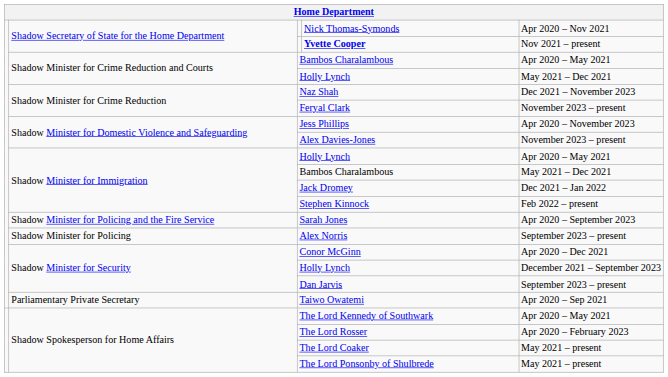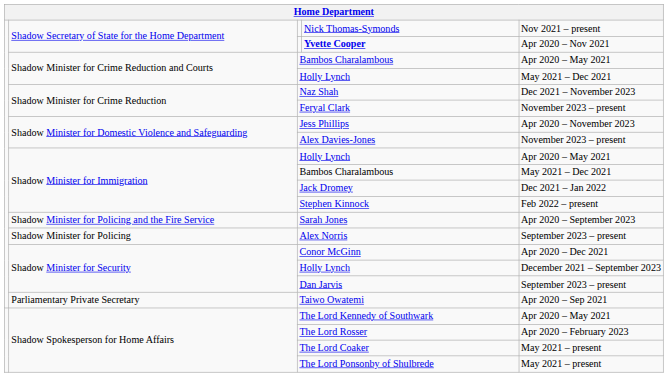 <table class="wikitable">
 <tr>
 <th colspan="5"><a href='#'>Home Department</a></th>
 </tr>
 <tr>
 <td rowspan="18" style="background: "></td>
 <td rowspan="2" style="width: 450px;"><a href='#'>Shadow Secretary of State for the Home Department</a></td>
 <td style="background: "></td>
 <td style="width: 337px;"><a href='#'>Nick Thomas-Symonds</a></td>
-<td>Apr 2020 – Nov 2021</td>
+<td>Nov 2021 – present</td>
 </tr>
 <tr>
 <td style="background: "></td>
 <td><strong><a href='#'>Yvette Cooper</a></strong></td>
-<td>Nov 2021 – present</td>
+<td>Apr 2020 – Nov 2021</td>
 </tr>
 <tr>
 <td rowspan="2">Shadow Minister for Crime Reduction and Courts</td>
 <td colspan="2"><a href='#'>Bambos Charalambous</a></td>
 <td>Apr 2020 – May 2021</td>
 </tr>
 <tr>
 <td colspan="2"><a href='#'>Holly Lynch</a></td>
 <td>May 2021 – Dec 2021</td>
 </tr>
 <tr>
 <td rowspan="2">Shadow Minister for Crime Reduction</td>
 <td colspan="2"><a href='#'>Naz Shah</a></td>
 <td>Dec 2021 – November 2023</td>
 </tr>
 <tr>
 <td colspan="2"><a href='#'>Feryal Clark</a></td>
 <td>November 2023 – present</td>
 </tr>
 <tr>
 <td rowspan="2">Shadow <a href='#'>Minister for Domestic Violence and Safeguarding</a></td>
 <td colspan="2"><a href='#'>Jess Phillips</a></td>
 <td>Apr 2020 – November 2023</td>
 </tr>
 <tr>
 <td colspan="2"><a href='#'>Alex Davies-Jones</a></td>
 <td>November 2023 – present</td>
 </tr>
 <tr>
 <td rowspan="4">Shadow <a href='#'>Minister for Immigration</a></td>
 <td colspan="2"><a href='#'>Holly Lynch</a></td>
 <td>Apr 2020 – May 2021</td>
 </tr>
 <tr>
 <td colspan="2">Bambos Charalambous</td>
 <td>May 2021 – Dec 2021</td>
 </tr>
 <tr>
 <td colspan="2"><a href='#'>Jack Dromey</a></td>
 <td>Dec 2021 – Jan 2022</td>
 </tr>
 <tr>
 <td colspan="2"><a href='#'>Stephen Kinnock</a></td>
 <td>Feb 2022 – present</td>
 </tr>
 <tr>
 <td>Shadow <a href='#'>Minister for Policing and the Fire Service</a></td>
 <td colspan="2"><a href='#'>Sarah Jones</a></td>
 <td>Apr 2020 – September 2023</td>
 </tr>
 <tr>
 <td>Shadow Minister for Policing</td>
 <td colspan="2"><a href='#'>Alex Norris</a></td>
 <td>September 2023 – present</td>
 </tr>
 <tr>
 <td rowspan="3">Shadow <a href='#'>Minister for Security</a></td>
 <td colspan="2"><a href='#'>Conor McGinn</a></td>
 <td>Apr 2020 – Dec 2021</td>
 </tr>
 <tr>
 <td colspan="2"><a href='#'>Holly Lynch</a></td>
 <td>December 2021 – September 2023</td>
 </tr>
 <tr>
 <td colspan="2"><a href='#'>Dan Jarvis</a></td>
 <td>September 2023 – present</td>
 </tr>
 <tr>
 <td>Parliamentary Private Secretary</td>
 <td colspan="2"><a href='#'>Taiwo Owatemi</a></td>
 <td>Apr 2020 – Sep 2021</td>
 </tr>
 <tr>
 <td rowspan="4" style="background: "></td>
 <td rowspan="4">Shadow Spokesperson for Home Affairs</td>
 <td colspan="2"><a href='#'>The Lord Kennedy of Southwark</a></td>
 <td>Apr 2020 – May 2021</td>
 </tr>
 <tr>
 <td colspan="2"><a href='#'>The Lord Rosser</a></td>
 <td>Apr 2020 – February 2023</td>
 </tr>
 <tr>
 <td colspan="2"><a href='#'>The Lord Coaker</a></td>
 <td>May 2021 – present</td>
 </tr>
 <tr>
 <td colspan="2"><a href='#'>The Lord Ponsonby of Shulbrede</a></td>
 <td>May 2021 – present</td>
 </tr>
 </table>
